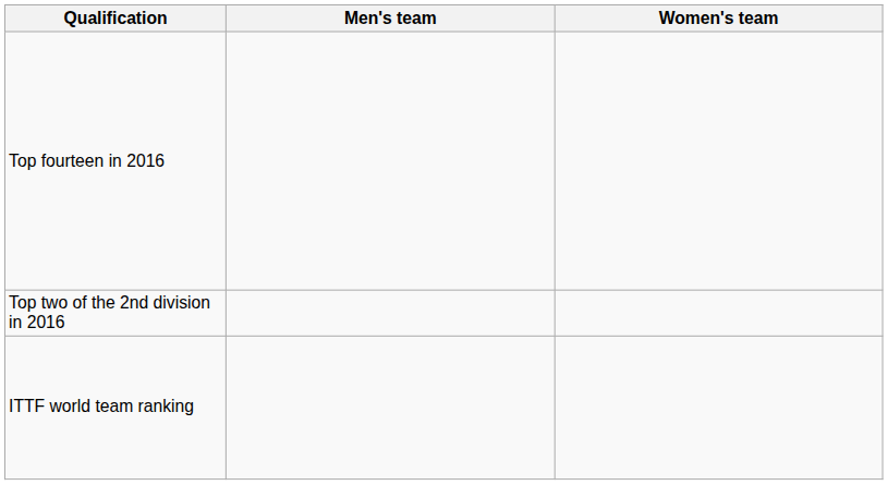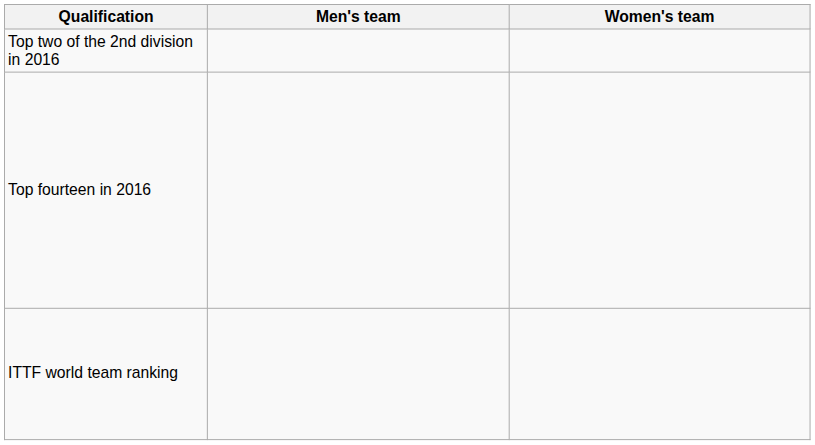 <table class="wikitable">
 <tr>
 <th width=200>Qualification</th>
 <th width=300>Men's team</th>
 <th width=300>Women's team</th>
 </tr>
 <tr>
+<td>Top two of the 2nd division in 2016</td>
+<td><br></td>
+<td><br></td>
+</tr>
+<tr>
 <td>Top fourteen in 2016</td>
 <td><br> <br><br><br><br><br><br>  <br><br><br><br><br><br> </td>
 <td><br> <br><br><br><br><br><br>  <br><br><br><br><br><br> </td>
-</tr>
-<tr>
-<td>Top two of the 2nd division in 2016</td>
-<td><br></td>
-<td><br></td>
 </tr>
 <tr>
 <td>ITTF world team ranking</td>
 <td><br><br><br><br><br><br><br></td>
 <td><br><br><br><br><br><br><br></td>
 </tr>
 </table>
